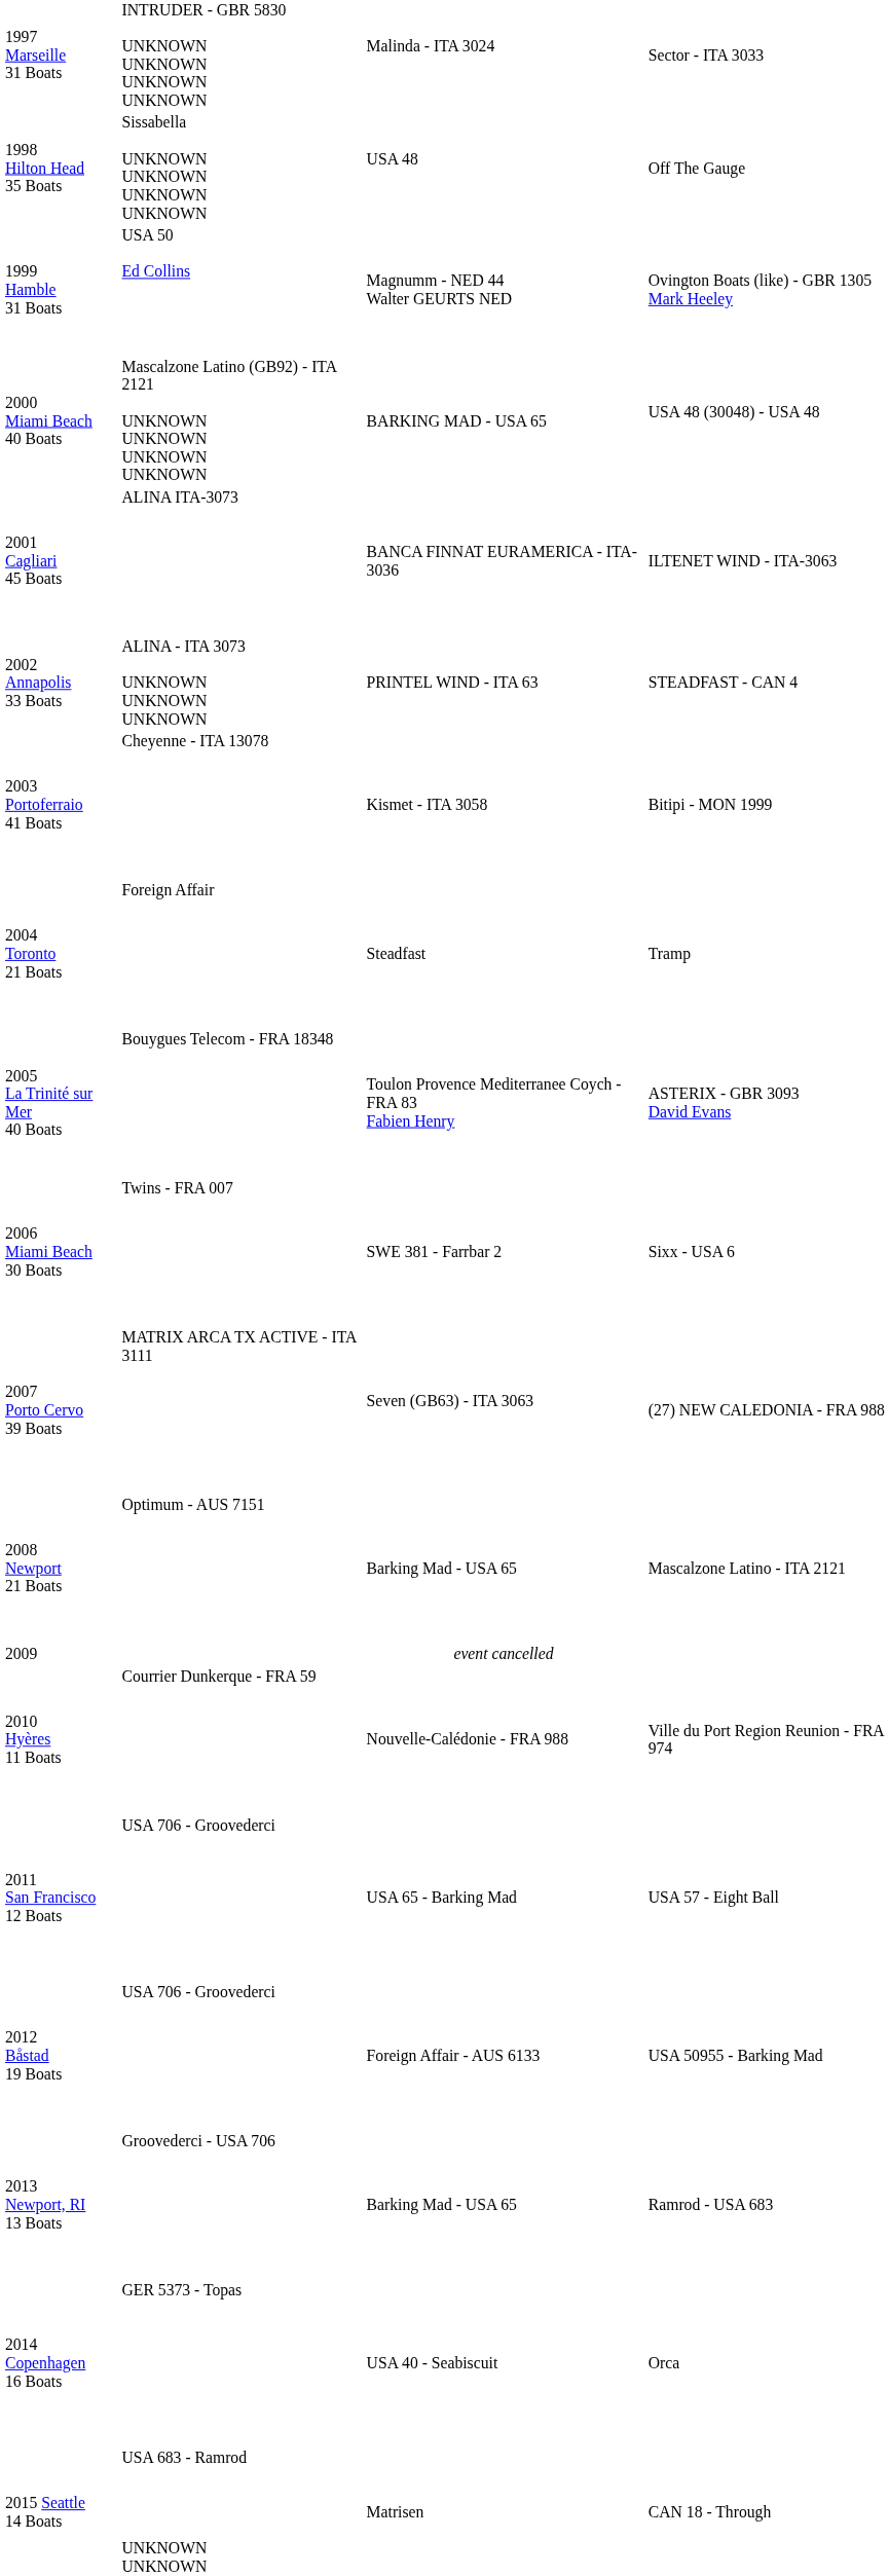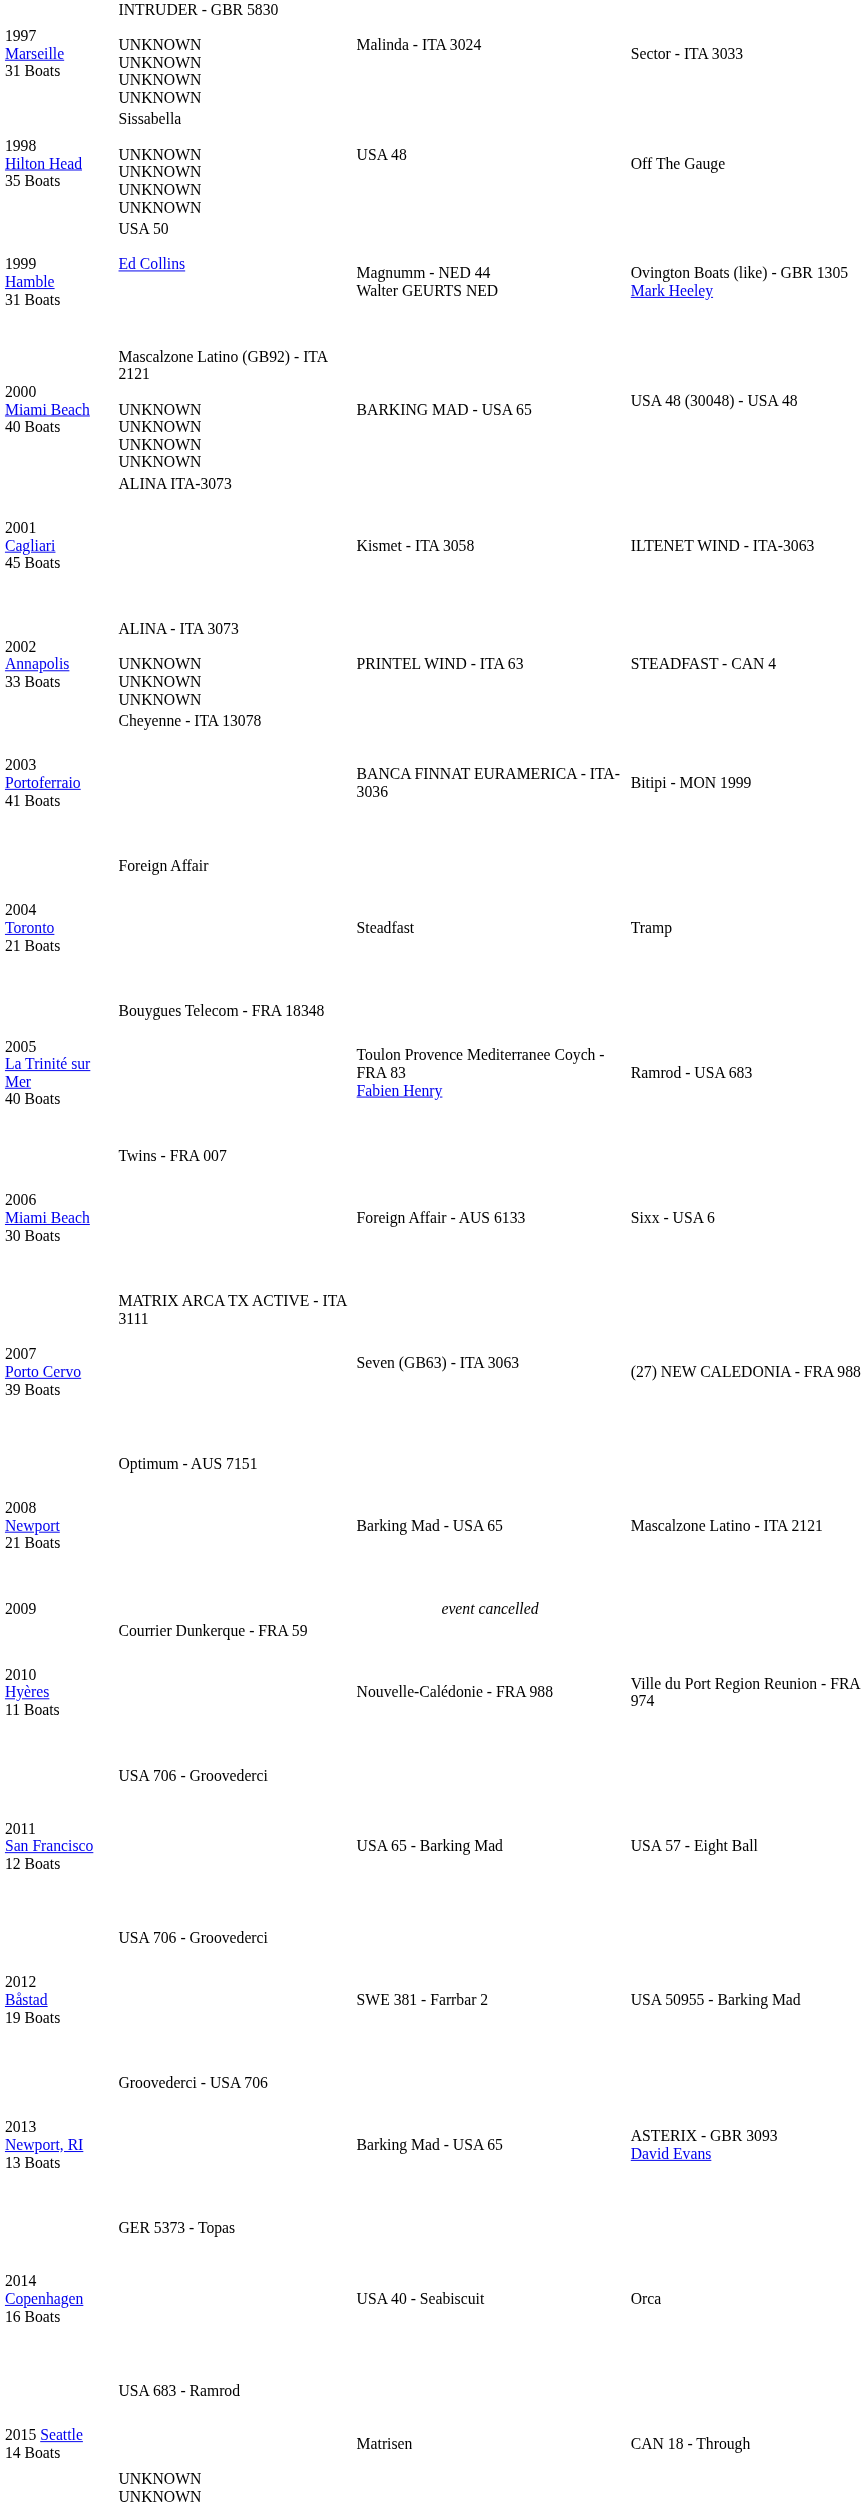 <table>
 <tr>
 <td>1997 <br><a href='#'>Marseille</a> <br> 31 Boats</td>
 <td>INTRUDER - GBR 5830 <br><br>UNKNOWN<br>UNKNOWN<br>UNKNOWN<br>UNKNOWN</td>
 <td>Malinda - ITA 3024<br><br></td>
 <td>Sector	- ITA 3033<br></td>
 <td></td>
 </tr>
 <tr>
 <td>1998 <br> <a href='#'>Hilton Head</a> <br> 35 Boats</td>
 <td>Sissabella <br><br>UNKNOWN<br>UNKNOWN<br>UNKNOWN<br>UNKNOWN</td>
 <td>USA 48<br><br></td>
 <td>Off The Gauge<br></td>
 <td></td>
 </tr>
 <tr>
 <td>1999<br><a href='#'>Hamble</a><br> 31 Boats</td>
 <td>USA 50<br><br><a href='#'>Ed Collins</a><br> <br> <br> <br> <br> </td>
 <td>Magnumm - NED 44<br>Walter GEURTS NED</td>
 <td>Ovington Boats (like) - GBR 1305<br><a href='#'>Mark Heeley</a></td>
 <td></td>
 </tr>
 <tr>
 <td>2000<br><a href='#'>Miami Beach</a><br>40 Boats</td>
 <td>Mascalzone Latino (GB92) - ITA 2121<br><br>UNKNOWN<br>UNKNOWN<br>UNKNOWN<br>UNKNOWN</td>
 <td>BARKING MAD - USA 65<br></td>
 <td>USA 48 (30048)	- USA 48<br><br></td>
 <td></td>
 </tr>
 <tr>
 <td>2001<br><a href='#'>Cagliari</a><br>45 Boats</td>
 <td>ALINA	ITA-3073<br><br><br> <br> <br> <br> <br> <br> </td>
-<td>BANCA FINNAT EURAMERICA - ITA-3036<br></td>
+<td>Kismet	- ITA 3058<br></td>
 <td>ILTENET WIND - ITA-3063<br></td>
 <td></td>
 </tr>
 <tr>
 <td>2002<br><a href='#'>Annapolis</a><br>33 Boats</td>
 <td>ALINA - ITA 3073<br><br>UNKNOWN<br>UNKNOWN<br>UNKNOWN</td>
 <td>PRINTEL WIND - ITA 63<br></td>
 <td>STEADFAST - CAN 4<br></td>
 <td></td>
 </tr>
 <tr>
 <td>2003<br><a href='#'>Portoferraio</a><br>41 Boats</td>
 <td>Cheyenne - ITA 13078<br><br><br> <br> <br> <br> <br> <br> </td>
-<td>Kismet	- ITA 3058<br></td>
+<td>BANCA FINNAT EURAMERICA - ITA-3036<br></td>
 <td>Bitipi	- MON 1999<br></td>
 <td></td>
 </tr>
 <tr>
 <td>2004<br><a href='#'>Toronto</a><br>21 Boats</td>
 <td>Foreign Affair<br><br><br><br> <br> <br> <br> <br> </td>
 <td>Steadfast<br></td>
 <td>Tramp<br></td>
 <td></td>
 </tr>
 <tr>
 <td>2005<br><a href='#'>La Trinité sur Mer</a><br>40 Boats</td>
 <td>Bouygues Telecom - FRA 18348<br><br><br> <br> <br> <br> <br> <br> </td>
 <td>Toulon Provence Mediterranee Coych - FRA 83<br><a href='#'>Fabien Henry</a></td>
-<td>ASTERIX - GBR 3093<br><a href='#'>David Evans</a></td>
+<td>Ramrod	- USA 683<br></td>
 <td></td>
 </tr>
 <tr>
 <td>2006<br><a href='#'>Miami Beach</a><br>30 Boats</td>
 <td>Twins - FRA 007<br><br><br> <br> <br> <br> <br> <br> </td>
-<td>SWE 381 - Farrbar 2<br></td>
+<td>Foreign Affair	- AUS 6133<br></td>
 <td>Sixx - USA 6<br></td>
 <td></td>
 </tr>
 <tr>
 <td>2007<br><a href='#'>Porto Cervo</a><br>39 Boats</td>
 <td>MATRIX ARCA TX ACTIVE - ITA 3111<br><br><br> <br> <br> <br> <br> <br> </td>
 <td>Seven (GB63) - ITA 3063<br><br></td>
 <td>(27) NEW CALEDONIA - FRA 988<br></td>
 <td></td>
 </tr>
 <tr>
 <td>2008<br><a href='#'>Newport</a><br>21 Boats</td>
 <td>Optimum - AUS 7151<br><br><br> <br> <br> <br> <br> <br> </td>
 <td>Barking Mad - USA 65<br></td>
 <td>Mascalzone Latino - ITA 2121<br></td>
 <td></td>
 </tr>
 <tr>
 <td>2009</td>
 <td colspan="3" style="text-align:center;"><em>event cancelled</em></td>
 <td></td>
 </tr>
 <tr>
 <td>2010<br><a href='#'>Hyères</a><br>11 Boats</td>
 <td>Courrier Dunkerque - FRA 59<br><br><br> <br> <br> <br> <br> <br> </td>
 <td>Nouvelle-Calédonie - FRA 988<br></td>
 <td>Ville du Port Region Reunion - FRA 974<br></td>
 <td></td>
 </tr>
 <tr>
 <td>2011<br><a href='#'>San Francisco</a><br>12 Boats</td>
 <td>USA 706 - Groovederci<br><br><br> <br> <br> <br> <br> <br> <br></td>
 <td>USA 65 - Barking Mad<br></td>
 <td>USA 57 - Eight Ball<br></td>
 <td></td>
 </tr>
 <tr>
 <td>2012<br><a href='#'>Båstad</a><br>19 Boats</td>
 <td>USA 706 - Groovederci<br><br><br> <br> <br> <br> <br> <br> </td>
-<td>Foreign Affair	- AUS 6133<br></td>
+<td>SWE 381 - Farrbar 2<br></td>
 <td>USA 50955 - Barking Mad<br></td>
 <td></td>
 </tr>
 <tr>
 <td>2013<br><a href='#'>Newport, RI</a><br>13 Boats</td>
 <td>Groovederci - USA 706<br><br><br> <br> <br> <br> <br> <br> </td>
 <td>Barking Mad - USA 65<br></td>
-<td>Ramrod	- USA 683<br></td>
+<td>ASTERIX - GBR 3093<br><a href='#'>David Evans</a></td>
 <td></td>
 </tr>
 <tr>
 <td>2014<br><a href='#'>Copenhagen</a><br>16 Boats</td>
 <td>GER 5373 - Topas<br><br><br> <br> <br> <br> <br> <br> <br></td>
 <td>USA 40 - Seabiscuit<br></td>
 <td>Orca<br></td>
 <td></td>
 </tr>
 <tr>
 <td>2015 <a href='#'>Seattle</a><br> 14 Boats</td>
 <td>USA 683 - Ramrod<br><br><br> <br> <br>UNKNOWN<br>UNKNOWN</td>
 <td>Matrisen<br></td>
 <td>CAN 18 - Through<br></td>
 <td></td>
 </tr>
 </table>
